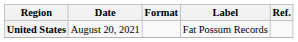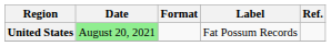 <table class="wikitable plainrowheaders">
 <tr>
 <th scope="col">Region</th>
 <th scope="col">Date</th>
 <th scope="col">Format</th>
 <th scope="col">Label</th>
 <th scope="col">Ref.</th>
 </tr>
 <tr>
 <th scope="row">United States</th>
-<td>August 20, 2021</td>
+<td style="background: lightgreen;">August 20, 2021</td>
 <td></td>
 <td>Fat Possum Records</td>
 <td></td>
 </tr>
 <tr>
 </tr>
 </table>
